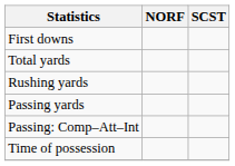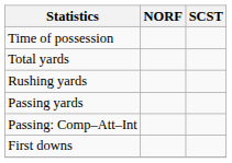 <table class="wikitable" style="float: left;">
 <tr>
 <th>Statistics</th>
 <th>NORF</th>
 <th>SCST</th>
 </tr>
 <tr>
-<td>First downs</td>
+<td>Time of possession</td>
 <td></td>
 <td></td>
 </tr>
 <tr>
 <td>Total yards</td>
 <td></td>
 <td></td>
 </tr>
 <tr>
 <td>Rushing yards</td>
 <td></td>
 <td></td>
 </tr>
 <tr>
 <td>Passing yards</td>
 <td></td>
 <td></td>
 </tr>
 <tr>
 <td>Passing: Comp–Att–Int</td>
 <td></td>
 <td></td>
 </tr>
 <tr>
-<td>Time of possession</td>
+<td>First downs</td>
 <td></td>
 <td></td>
 </tr>
 <tr>
 </tr>
 </table>
